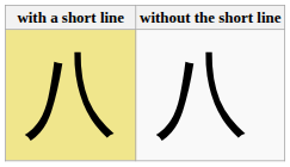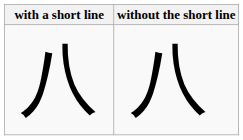 <table class="wikitable">
 <tr>
 <th>with a short line</th>
 <th>without the short line</th>
 </tr>
 <tr style="font-size:6em;font-family:serif;line-height:100%;">
-<td lang="ja" style="background: khaki;">八</td>
+<td lang="ja">八</td>
 <td lang="zh">八</td>
 </tr>
 </table>
